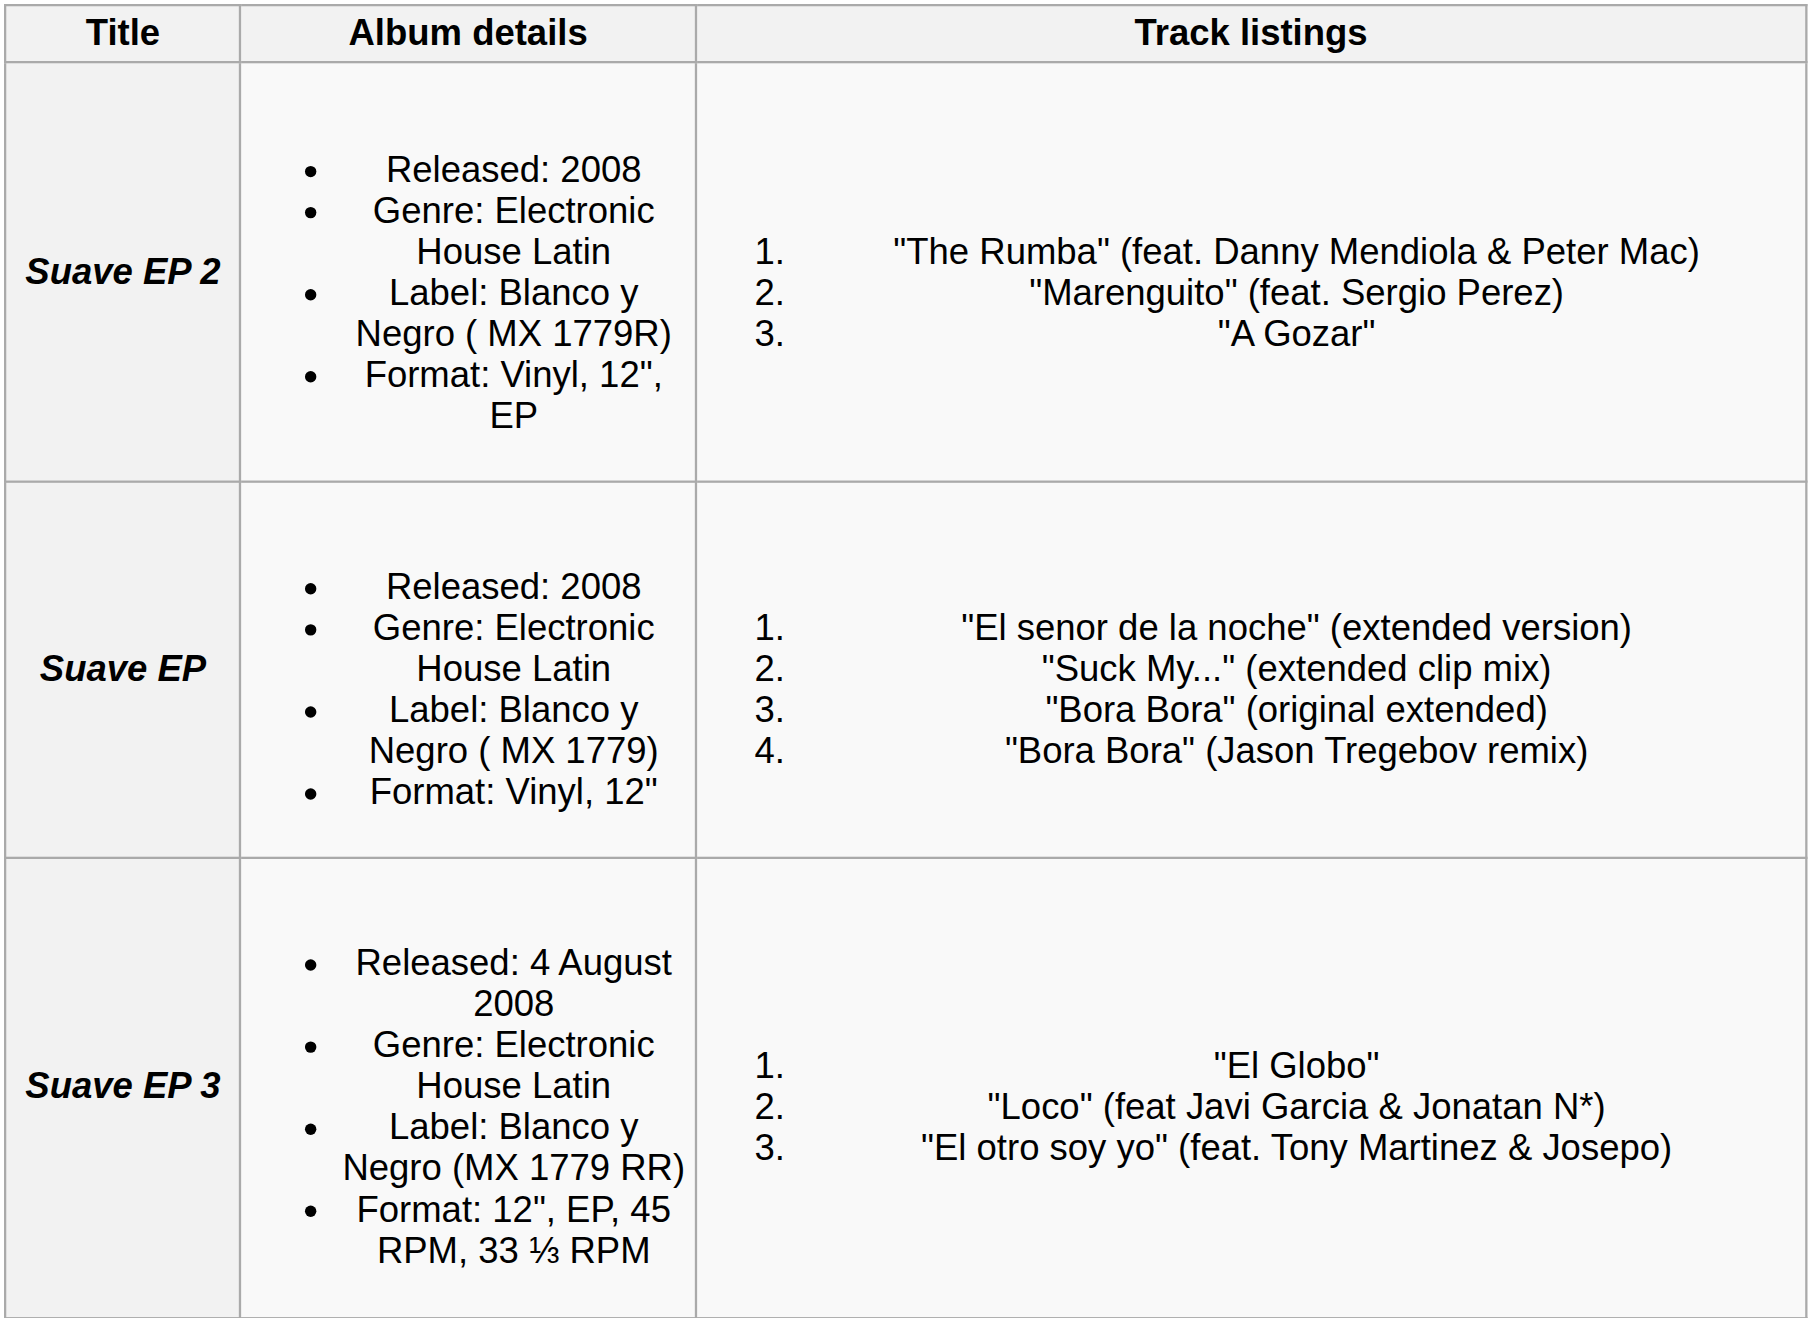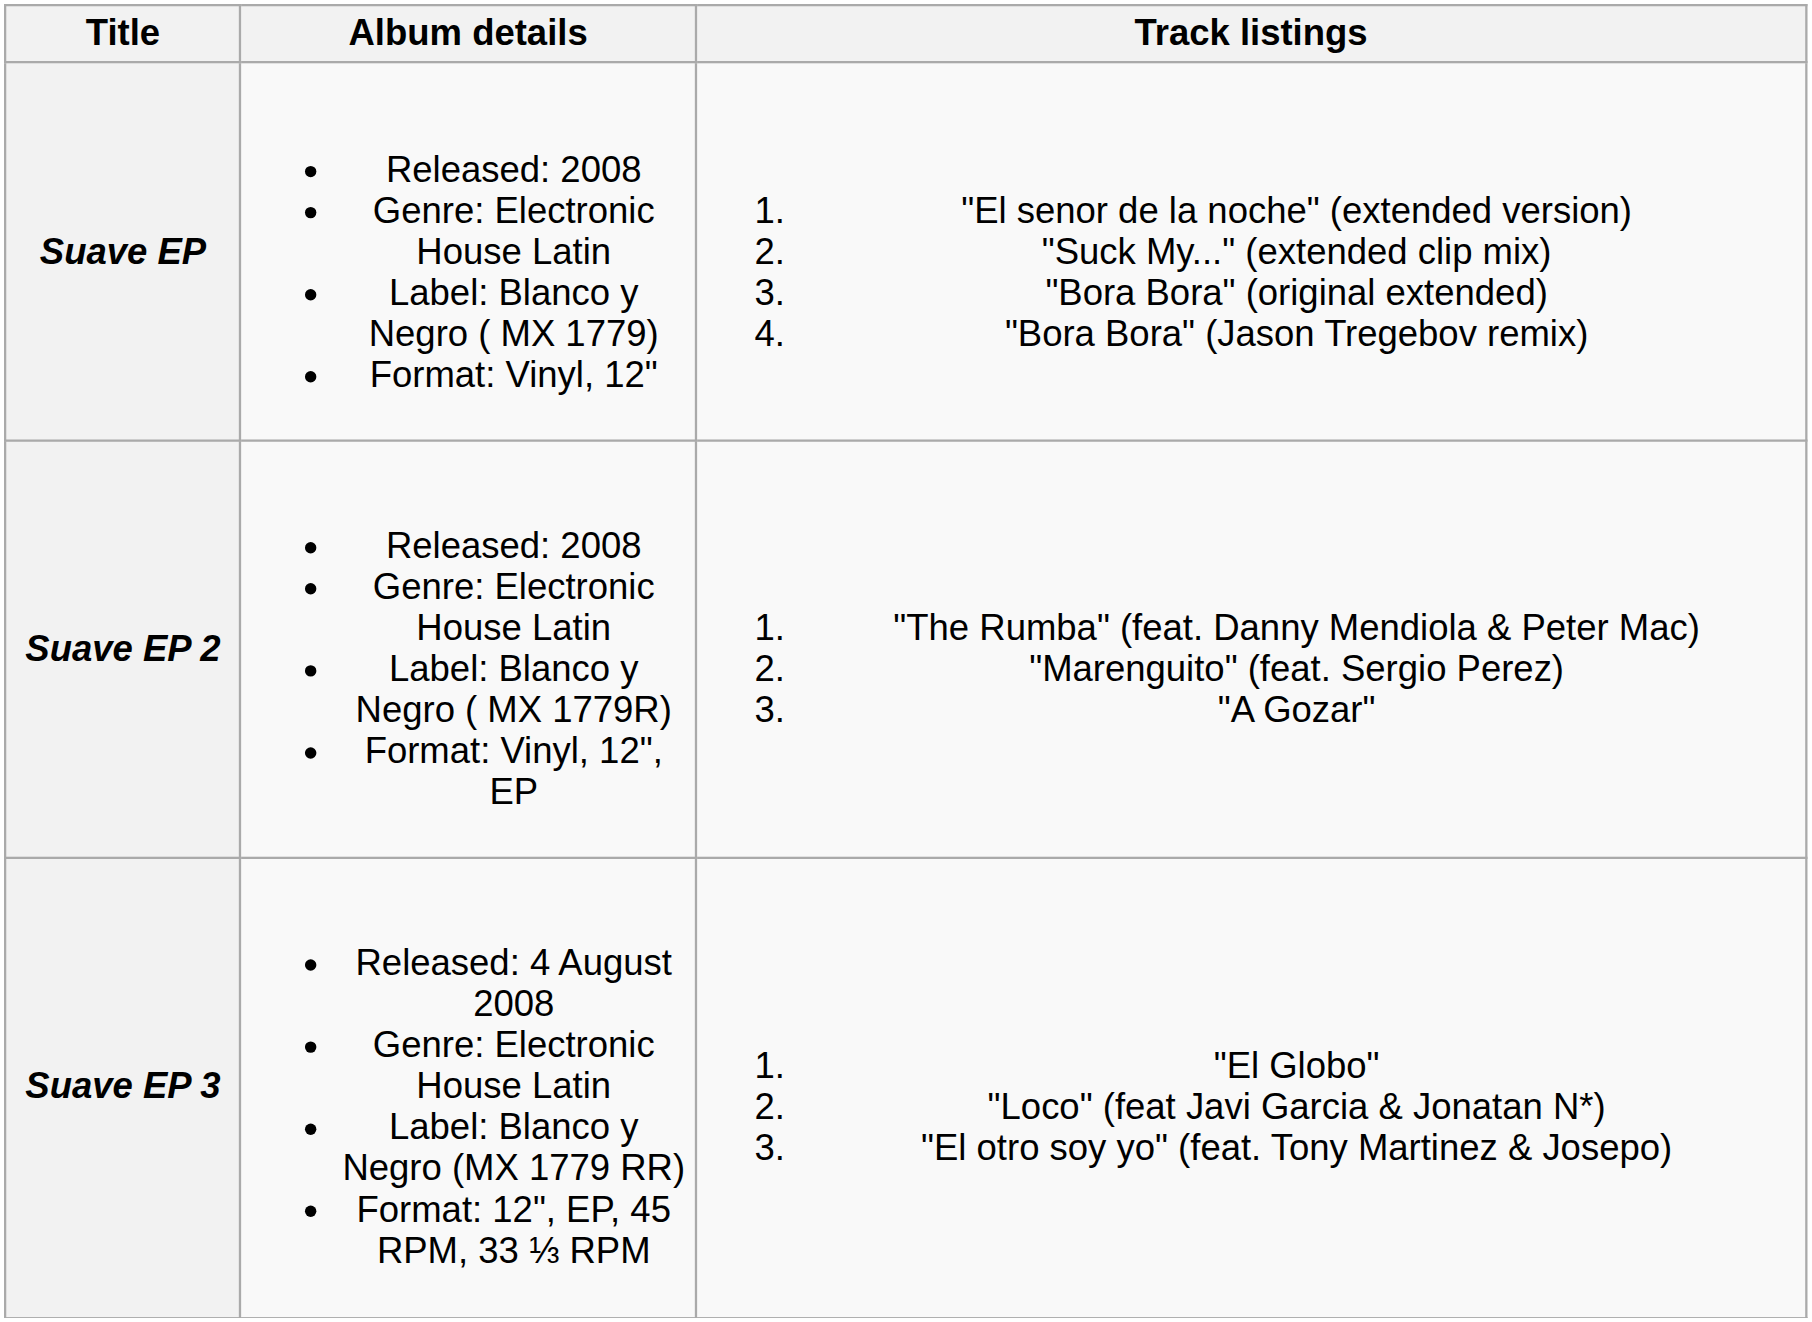 <table class="wikitable" style="text-align:center;" border="1">
 <tr>
 <th scope="col" rowspan="1" style="width:6em;">Title</th>
 <th scope="col" rowspan="1" style="width:12em;">Album details</th>
 <th scope="col" rowspan="1" style="width:30em;">Track listings</th>
 </tr>
 <tr>
+<th scope="row"><em>Suave EP</em></th>
+<td><br><ul><li>Released: 2008</li><li>Genre: Electronic House Latin</li><li>Label: Blanco y Negro ( MX 1779)</li><li>Format: Vinyl, 12"</li></ul></td>
+<td><br><ol><li>"El senor de la noche" (extended version)</li><li>"Suck My..." (extended clip mix)</li><li>"Bora Bora" (original extended)</li><li>"Bora Bora" (Jason Tregebov remix)</li></ol></td>
+</tr>
+<tr>
 <th scope="row"><em>Suave EP 2</em></th>
 <td><br><ul><li>Released: 2008</li><li>Genre: Electronic House Latin</li><li>Label: Blanco y Negro ( MX 1779R)</li><li>Format: Vinyl, 12", EP</li></ul></td>
 <td><br><ol><li>"The Rumba" (feat. Danny Mendiola & Peter Mac)</li><li>"Marenguito" (feat. Sergio Perez)</li><li>"A Gozar"</li></ol></td>
-</tr>
-<tr>
-<th scope="row"><em>Suave EP</em></th>
-<td><br><ul><li>Released: 2008</li><li>Genre: Electronic House Latin</li><li>Label: Blanco y Negro ( MX 1779)</li><li>Format: Vinyl, 12"</li></ul></td>
-<td><br><ol><li>"El senor de la noche" (extended version)</li><li>"Suck My..." (extended clip mix)</li><li>"Bora Bora" (original extended)</li><li>"Bora Bora" (Jason Tregebov remix)</li></ol></td>
 </tr>
 <tr>
 <th scope="row"><em>Suave EP 3</em></th>
 <td><br><ul><li>Released: 4 August 2008</li><li>Genre: Electronic House Latin</li><li>Label: Blanco y Negro (MX 1779 RR)</li><li>Format: 12", EP, 45 RPM, 33 ⅓ RPM</li></ul></td>
 <td><br><ol><li>"El Globo"</li><li>"Loco" (feat Javi Garcia & Jonatan N*)</li><li>"El otro soy yo" (feat. Tony Martinez & Josepo)</li></ol></td>
 </tr>
 <tr>
 </tr>
 </table>
